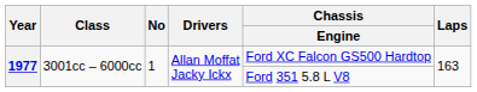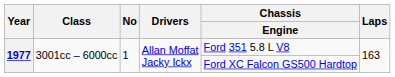 <table class="wikitable" style="font-size: 95%;">
 <tr>
 <th rowspan=2>Year</th>
 <th rowspan=2>Class</th>
 <th rowspan=2>No</th>
 <th rowspan=2>Drivers</th>
 <th>Chassis</th>
 <th rowspan=2>Laps</th>
 </tr>
 <tr>
 <th>Engine</th>
 </tr>
 <tr>
 <th rowspan=2><a href='#'>1977</a></th>
 <td rowspan=2>3001cc – 6000cc</td>
 <td rowspan=2>1</td>
 <td rowspan=2> <a href='#'>Allan Moffat</a><br> <a href='#'>Jacky Ickx</a></td>
-<td><a href='#'>Ford XC Falcon GS500 Hardtop</a></td>
+<td><a href='#'>Ford</a> <a href='#'>351</a> 5.8 L <a href='#'>V8</a></td>
 <td rowspan=2>163</td>
 </tr>
 <tr>
-<td><a href='#'>Ford</a> <a href='#'>351</a> 5.8 L <a href='#'>V8</a></td>
+<td><a href='#'>Ford XC Falcon GS500 Hardtop</a></td>
 </tr>
 </table>
